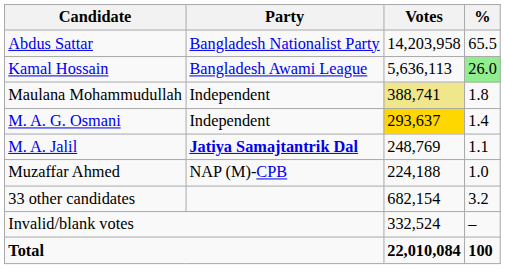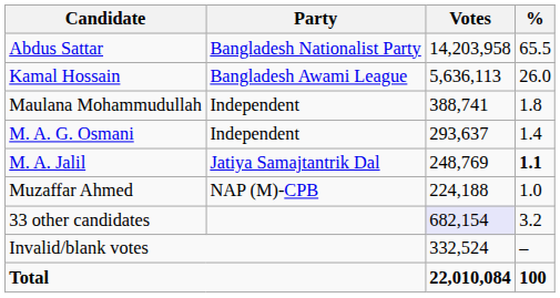 <table class="wikitable">
 <tr>
 <th>Candidate</th>
 <th>Party</th>
 <th>Votes</th>
 <th>%</th>
 </tr>
 <tr>
 <td><a href='#'>Abdus Sattar</a></td>
 <td><a href='#'>Bangladesh Nationalist Party</a></td>
 <td>14,203,958</td>
 <td>65.5</td>
 </tr>
 <tr>
 <td><a href='#'>Kamal Hossain</a></td>
 <td><a href='#'>Bangladesh Awami League</a></td>
 <td>5,636,113</td>
-<td style="background: lightgreen;">26.0</td>
+<td>26.0</td>
 </tr>
 <tr>
 <td>Maulana Mohammudullah</td>
 <td>Independent</td>
-<td style="background: khaki;">388,741</td>
+<td>388,741</td>
 <td>1.8</td>
 </tr>
 <tr>
 <td><a href='#'>M. A. G. Osmani</a></td>
 <td>Independent</td>
-<td style="background: gold;">293,637</td>
+<td>293,637</td>
 <td>1.4</td>
 </tr>
 <tr>
 <td><a href='#'>M. A. Jalil</a></td>
-<td><strong><a href='#'>Jatiya Samajtantrik Dal</a></strong></td>
+<td><a href='#'>Jatiya Samajtantrik Dal</a></td>
 <td>248,769</td>
-<td>1.1</td>
+<td><strong>1.1</strong></td>
 </tr>
 <tr>
 <td>Muzaffar Ahmed</td>
 <td>NAP (M)-<a href='#'>CPB</a></td>
 <td>224,188</td>
 <td>1.0</td>
 </tr>
 <tr>
 <td>33 other candidates</td>
 <td></td>
-<td>682,154</td>
+<td style="background: lavender;">682,154</td>
 <td>3.2</td>
 </tr>
 <tr>
 <td colspan="2">Invalid/blank votes</td>
 <td>332,524</td>
 <td>–</td>
 </tr>
 <tr>
 <td colspan="2"><strong>Total</strong></td>
 <td><strong>22,010,084</strong></td>
 <td><strong>100</strong></td>
 </tr>
 </table>
